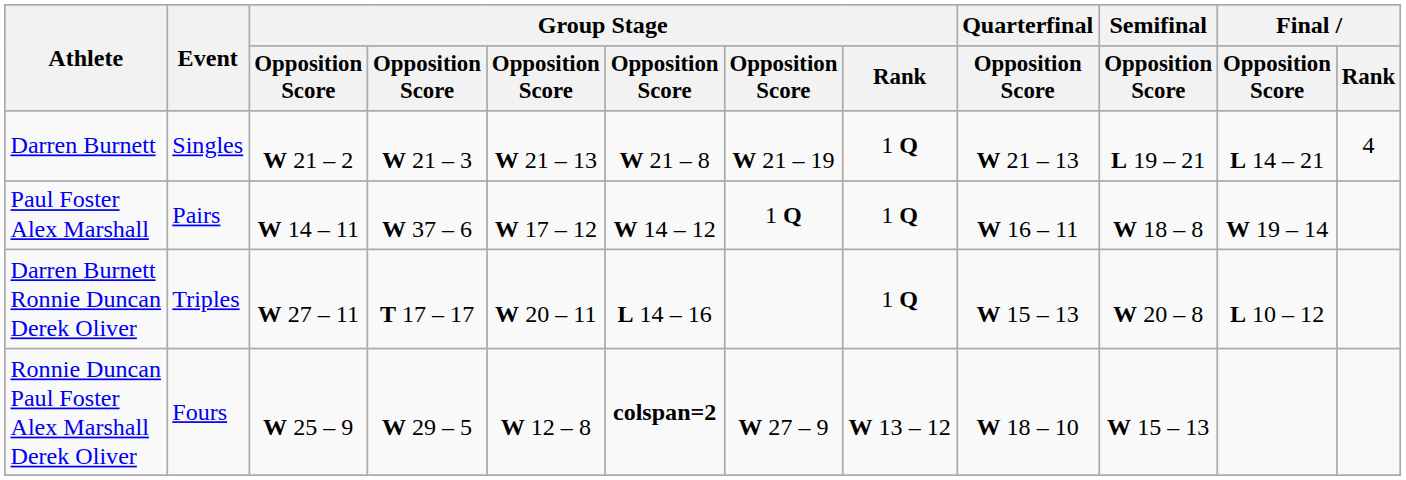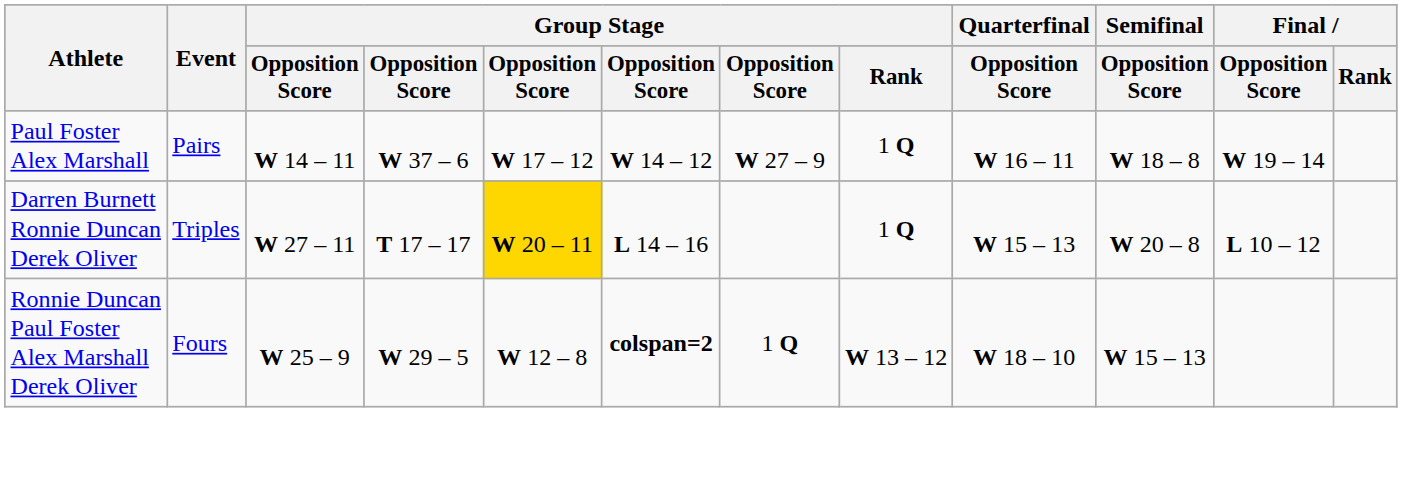 <table class="wikitable" style="font-size:88%">
 <tr>
 <th rowspan=2>Athlete</th>
 <th rowspan=2>Event</th>
 <th colspan=6>Group Stage</th>
 <th>Quarterfinal</th>
 <th>Semifinal</th>
 <th colspan=2>Final / </th>
 </tr>
 <tr style="font-size:95%">
 <th>Opposition<br>Score</th>
 <th>Opposition<br>Score</th>
 <th>Opposition<br>Score</th>
 <th>Opposition<br>Score</th>
 <th>Opposition<br>Score</th>
 <th>Rank</th>
 <th>Opposition<br>Score</th>
 <th>Opposition<br>Score</th>
 <th>Opposition<br>Score</th>
 <th>Rank</th>
 </tr>
 <tr align=center>
-<td align=left><a href='#'>Darren Burnett</a></td>
-<td align=left><a href='#'>Singles</a></td>
-<td><br><strong>W</strong> 21 – 2</td>
-<td><br><strong>W</strong> 21 – 3</td>
-<td><br><strong>W</strong> 21 – 13</td>
-<td><br><strong>W</strong> 21 – 8</td>
-<td><br><strong>W</strong> 21 – 19</td>
-<td>1 <strong>Q</strong></td>
-<td><br><strong>W</strong> 21 – 13</td>
-<td><br><strong>L</strong> 19 – 21</td>
-<td><br><strong>L</strong> 14 – 21</td>
-<td>4</td>
-</tr>
-<tr align=center>
 <td align=left><a href='#'>Paul Foster</a><br><a href='#'>Alex Marshall</a></td>
 <td align=left><a href='#'>Pairs</a></td>
 <td><br><strong>W</strong> 14 – 11</td>
 <td><br><strong>W</strong> 37 – 6</td>
 <td><br><strong>W</strong> 17 – 12</td>
 <td><br><strong>W</strong> 14 – 12</td>
-<td>1 <strong>Q</strong></td>
+<td><br><strong>W</strong> 27 – 9</td>
 <td>1 <strong>Q</strong></td>
 <td><br><strong>W</strong> 16 – 11</td>
 <td><br><strong>W</strong> 18 – 8</td>
 <td><br><strong>W</strong> 19 – 14</td>
 <td></td>
 </tr>
 <tr align=center>
 <td align=left><a href='#'>Darren Burnett</a><br><a href='#'>Ronnie Duncan</a><br><a href='#'>Derek Oliver</a></td>
 <td align=left><a href='#'>Triples</a></td>
 <td><br><strong>W</strong> 27 – 11</td>
 <td><br><strong>T</strong> 17 – 17</td>
-<td><br><strong>W</strong> 20 – 11</td>
+<td style="background: gold;"><br><strong>W</strong> 20 – 11</td>
 <td><br><strong>L</strong> 14 – 16</td>
 <td></td>
 <td>1 <strong>Q</strong></td>
 <td><br><strong>W</strong> 15 – 13</td>
 <td><br><strong>W</strong> 20 – 8</td>
 <td><br><strong>L</strong> 10 – 12</td>
 <td></td>
 </tr>
 <tr align=center>
 <td align=left><a href='#'>Ronnie Duncan</a><br><a href='#'>Paul Foster</a><br><a href='#'>Alex Marshall</a><br><a href='#'>Derek Oliver</a></td>
 <td align=left><a href='#'>Fours</a></td>
 <td><br><strong>W</strong> 25 – 9</td>
 <td><br><strong>W</strong> 29 – 5</td>
 <td><br><strong>W</strong> 12 – 8</td>
 <td><strong>colspan=2 </strong></td>
-<td><br><strong>W</strong> 27 – 9</td>
+<td>1 <strong>Q</strong></td>
 <td><br><strong>W</strong> 13 – 12</td>
 <td><br><strong>W</strong> 18 – 10</td>
 <td><br><strong>W</strong> 15 – 13</td>
 <td></td>
 </tr>
 </table>
